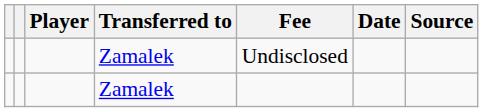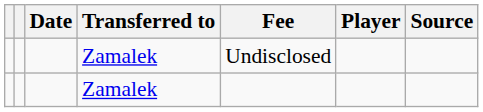 <table class="wikitable plainrowheaders sortable">
 <tr>
 <th></th>
 <th></th>
-<th scope=col>Player</th>
+<th scope=col>Date</th>
 <th>Transferred to</th>
 <th !scope=col; style="width: 65px;">Fee</th>
-<th scope=col>Date</th>
+<th scope=col>Player</th>
 <th scope=col>Source</th>
 </tr>
 <tr>
 <td align=center></td>
 <td align=center></td>
 <td></td>
 <td> <a href='#'>Zamalek</a></td>
 <td>Undisclosed</td>
 <td></td>
 <td></td>
 </tr>
 <tr>
 <td align=center></td>
 <td align=center></td>
 <td></td>
 <td> <a href='#'>Zamalek</a></td>
 <td></td>
 <td></td>
 <td></td>
 </tr>
 </table>
